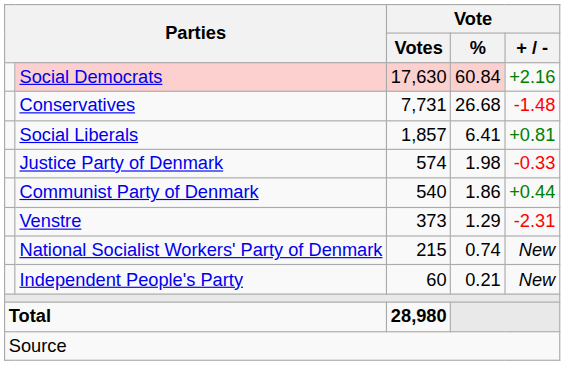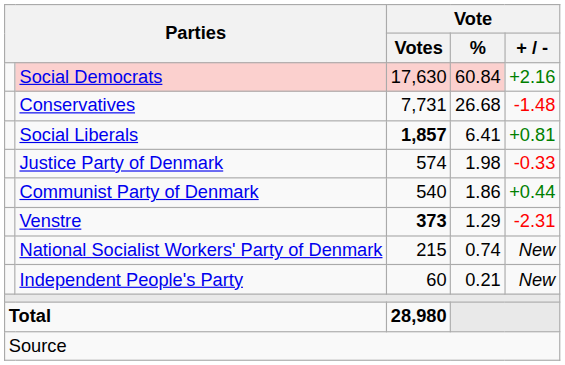 <table class="wikitable" style="text-align:right;">
 <tr>
 <th style="text-align:centre;" rowspan="2" colspan="2" width="225">Parties</th>
 <th colspan="3">Vote</th>
 </tr>
 <tr>
 <th width="15">Votes</th>
 <th width="15">%</th>
 <th width="15">+ / -</th>
 </tr>
 <tr>
 <td width="2" style="color:inherit;background:"></td>
 <td bgcolor=#fbd0ce  align="left"><a href='#'>Social Democrats</a></td>
 <td bgcolor=#fbd0ce>17,630</td>
 <td bgcolor=#fbd0ce>60.84</td>
 <td style=color:green;>+2.16</td>
 </tr>
 <tr>
 <td width="2" style="color:inherit;background:"></td>
 <td align="left"><a href='#'>Conservatives</a></td>
 <td>7,731</td>
 <td>26.68</td>
 <td style=color:red;>-1.48</td>
 </tr>
 <tr>
 <td width="2" style="color:inherit;background:"></td>
 <td align="left"><a href='#'>Social Liberals</a></td>
-<td>1,857</td>
+<td><strong>1,857</strong></td>
 <td>6.41</td>
 <td style=color:green;>+0.81</td>
 </tr>
 <tr>
 <td width="2" style="color:inherit;background:"></td>
 <td align="left"><a href='#'>Justice Party of Denmark</a></td>
 <td>574</td>
 <td>1.98</td>
 <td style=color:red;>-0.33</td>
 </tr>
 <tr>
 <td width="2" style="color:inherit;background:"></td>
 <td align="left"><a href='#'>Communist Party of Denmark</a></td>
 <td>540</td>
 <td>1.86</td>
 <td style=color:green;>+0.44</td>
 </tr>
 <tr>
 <td width="2" style="color:inherit;background:"></td>
 <td align="left"><a href='#'>Venstre</a></td>
-<td>373</td>
+<td><strong>373</strong></td>
 <td>1.29</td>
 <td style=color:red;>-2.31</td>
 </tr>
 <tr>
 <td width="2" style="color:inherit;background:"></td>
 <td align="left"><a href='#'>National Socialist Workers' Party of Denmark</a></td>
 <td>215</td>
 <td>0.74</td>
 <td><em>New</em></td>
 </tr>
 <tr>
 <td width="2" style="color:inherit;background:"></td>
 <td align="left"><a href='#'>Independent People's Party</a></td>
 <td>60</td>
 <td>0.21</td>
 <td><em>New</em></td>
 </tr>
 <tr>
 <td colspan="7" bgcolor="#E9E9E9"></td>
 </tr>
 <tr>
 <td align="left" colspan="2"><strong>Total</strong></td>
 <td><strong>28,980</strong></td>
 <td bgcolor="#E9E9E9" colspan="2"></td>
 </tr>
 <tr>
 <td align="left" colspan="6">Source</td>
 </tr>
 </table>
